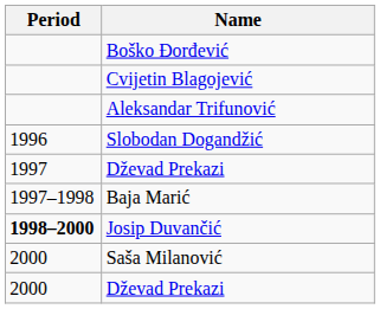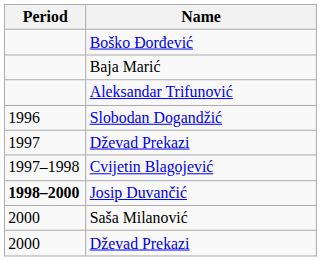 <table class="wikitable">
 <tr>
 <th width="75">Period</th>
 <th width="225">Name</th>
 </tr>
 <tr>
 <td></td>
 <td> <a href='#'>Boško Đorđević</a></td>
 </tr>
 <tr>
 <td></td>
-<td> <a href='#'>Cvijetin Blagojević</a></td>
+<td> Baja Marić</td>
 </tr>
 <tr>
 <td></td>
 <td> <a href='#'>Aleksandar Trifunović</a></td>
 </tr>
 <tr>
 <td>1996</td>
 <td> <a href='#'>Slobodan Dogandžić</a></td>
 </tr>
 <tr>
 <td>1997</td>
 <td> <a href='#'>Dževad Prekazi</a></td>
 </tr>
 <tr>
 <td>1997–1998</td>
-<td> Baja Marić</td>
+<td> <a href='#'>Cvijetin Blagojević</a></td>
 </tr>
 <tr>
 <td><strong>1998–2000</strong></td>
 <td> <a href='#'>Josip Duvančić</a></td>
 </tr>
 <tr>
 <td>2000</td>
 <td> Saša Milanović</td>
 </tr>
 <tr>
 <td>2000</td>
 <td> <a href='#'>Dževad Prekazi</a></td>
 </tr>
 </table>
